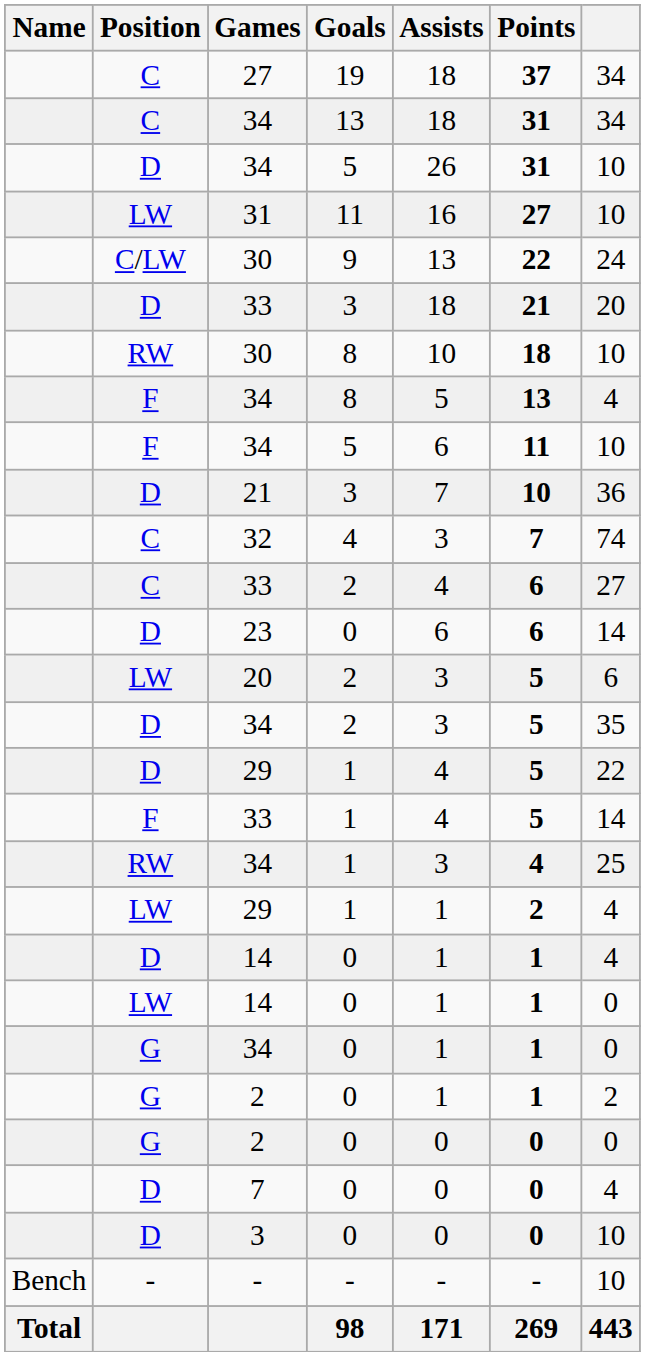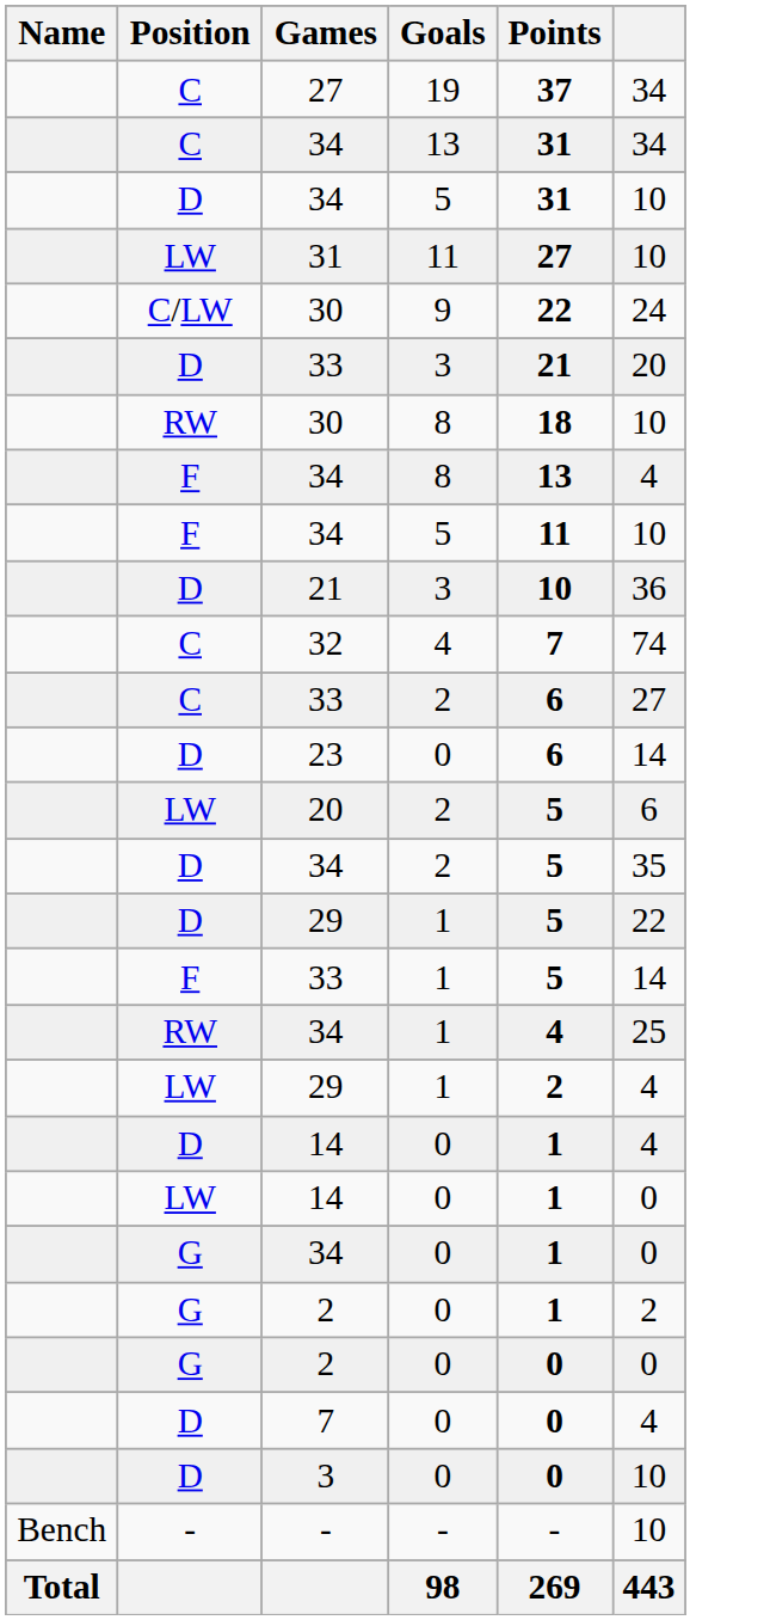 <table class="wikitable sortable" width ="50%">
 <tr align="center">
 <th>Name</th>
 <th>Position</th>
 <th>Games</th>
 <th>Goals</th>
-<th>Assists</th>
 <th>Points</th>
 <th><a href='#'></a></th>
 </tr>
 <tr align="center" bgcolor="">
 <td></td>
 <td><a href='#'>C</a></td>
 <td>27</td>
 <td>19</td>
-<td>18</td>
 <td><strong>37</strong></td>
 <td>34</td>
 </tr>
 <tr align="center" bgcolor="f0f0f0">
 <td></td>
 <td><a href='#'>C</a></td>
 <td>34</td>
 <td>13</td>
-<td>18</td>
 <td><strong>31</strong></td>
 <td>34</td>
 </tr>
 <tr align="center" bgcolor="">
 <td></td>
 <td><a href='#'>D</a></td>
 <td>34</td>
 <td>5</td>
-<td>26</td>
 <td><strong>31</strong></td>
 <td>10</td>
 </tr>
 <tr align="center" bgcolor="f0f0f0">
 <td></td>
 <td><a href='#'>LW</a></td>
 <td>31</td>
 <td>11</td>
-<td>16</td>
 <td><strong>27</strong></td>
 <td>10</td>
 </tr>
 <tr align="center" bgcolor="">
 <td></td>
 <td><a href='#'>C</a>/<a href='#'>LW</a></td>
 <td>30</td>
 <td>9</td>
-<td>13</td>
 <td><strong>22</strong></td>
 <td>24</td>
 </tr>
 <tr align="center" bgcolor="f0f0f0">
 <td></td>
 <td><a href='#'>D</a></td>
 <td>33</td>
 <td>3</td>
-<td>18</td>
 <td><strong>21</strong></td>
 <td>20</td>
 </tr>
 <tr align="center" bgcolor="">
 <td></td>
 <td><a href='#'>RW</a></td>
 <td>30</td>
 <td>8</td>
-<td>10</td>
 <td><strong>18</strong></td>
 <td>10</td>
 </tr>
 <tr align="center" bgcolor="f0f0f0">
 <td></td>
 <td><a href='#'>F</a></td>
 <td>34</td>
 <td>8</td>
-<td>5</td>
 <td><strong>13</strong></td>
 <td>4</td>
 </tr>
 <tr align="center" bgcolor="">
 <td></td>
 <td><a href='#'>F</a></td>
 <td>34</td>
 <td>5</td>
-<td>6</td>
 <td><strong>11</strong></td>
 <td>10</td>
 </tr>
 <tr align="center" bgcolor="f0f0f0">
 <td></td>
 <td><a href='#'>D</a></td>
 <td>21</td>
 <td>3</td>
-<td>7</td>
 <td><strong>10</strong></td>
 <td>36</td>
 </tr>
 <tr align="center" bgcolor="">
 <td></td>
 <td><a href='#'>C</a></td>
 <td>32</td>
 <td>4</td>
-<td>3</td>
 <td><strong>7</strong></td>
 <td>74</td>
 </tr>
 <tr align="center" bgcolor="f0f0f0">
 <td></td>
 <td><a href='#'>C</a></td>
 <td>33</td>
 <td>2</td>
-<td>4</td>
 <td><strong>6</strong></td>
 <td>27</td>
 </tr>
 <tr align="center" bgcolor="">
 <td></td>
 <td><a href='#'>D</a></td>
 <td>23</td>
 <td>0</td>
-<td>6</td>
 <td><strong>6</strong></td>
 <td>14</td>
 </tr>
 <tr align="center" bgcolor="f0f0f0">
 <td></td>
 <td><a href='#'>LW</a></td>
 <td>20</td>
 <td>2</td>
-<td>3</td>
 <td><strong>5</strong></td>
 <td>6</td>
 </tr>
 <tr align="center" bgcolor="">
 <td></td>
 <td><a href='#'>D</a></td>
 <td>34</td>
 <td>2</td>
-<td>3</td>
 <td><strong>5</strong></td>
 <td>35</td>
 </tr>
 <tr align="center" bgcolor="f0f0f0">
 <td></td>
 <td><a href='#'>D</a></td>
 <td>29</td>
 <td>1</td>
-<td>4</td>
 <td><strong>5</strong></td>
 <td>22</td>
 </tr>
 <tr align="center" bgcolor="">
 <td></td>
 <td><a href='#'>F</a></td>
 <td>33</td>
 <td>1</td>
-<td>4</td>
 <td><strong>5</strong></td>
 <td>14</td>
 </tr>
 <tr align="center" bgcolor="f0f0f0">
 <td></td>
 <td><a href='#'>RW</a></td>
 <td>34</td>
 <td>1</td>
-<td>3</td>
 <td><strong>4</strong></td>
 <td>25</td>
 </tr>
 <tr align="center" bgcolor="">
 <td></td>
 <td><a href='#'>LW</a></td>
 <td>29</td>
-<td>1</td>
 <td>1</td>
 <td><strong>2</strong></td>
 <td>4</td>
 </tr>
 <tr align="center" bgcolor="f0f0f0">
 <td></td>
 <td><a href='#'>D</a></td>
 <td>14</td>
 <td>0</td>
-<td>1</td>
 <td><strong>1</strong></td>
 <td>4</td>
 </tr>
 <tr align="center" bgcolor="">
 <td></td>
 <td><a href='#'>LW</a></td>
 <td>14</td>
 <td>0</td>
-<td>1</td>
 <td><strong>1</strong></td>
 <td>0</td>
 </tr>
 <tr align="center" bgcolor="f0f0f0">
 <td></td>
 <td><a href='#'>G</a></td>
 <td>34</td>
 <td>0</td>
-<td>1</td>
 <td><strong>1</strong></td>
 <td>0</td>
 </tr>
 <tr align="center" bgcolor="">
 <td></td>
 <td><a href='#'>G</a></td>
 <td>2</td>
 <td>0</td>
-<td>1</td>
 <td><strong>1</strong></td>
 <td>2</td>
 </tr>
 <tr align="center" bgcolor="f0f0f0">
 <td></td>
 <td><a href='#'>G</a></td>
 <td>2</td>
-<td>0</td>
 <td>0</td>
 <td><strong>0</strong></td>
 <td>0</td>
 </tr>
 <tr align="center" bgcolor="">
 <td></td>
 <td><a href='#'>D</a></td>
 <td>7</td>
 <td>0</td>
-<td>0</td>
 <td><strong>0</strong></td>
 <td>4</td>
 </tr>
 <tr align="center" bgcolor="f0f0f0">
 <td></td>
 <td><a href='#'>D</a></td>
 <td>3</td>
 <td>0</td>
-<td>0</td>
 <td><strong>0</strong></td>
 <td>10</td>
 </tr>
 <tr align="center" bgcolor="">
 <td>Bench</td>
-<td>-</td>
 <td>-</td>
 <td>-</td>
 <td>-</td>
 <td>-</td>
 <td>10</td>
 </tr>
 <tr>
 <th>Total</th>
 <th></th>
 <th></th>
 <th>98</th>
-<th>171</th>
 <th>269</th>
 <th>443</th>
 </tr>
 </table>
